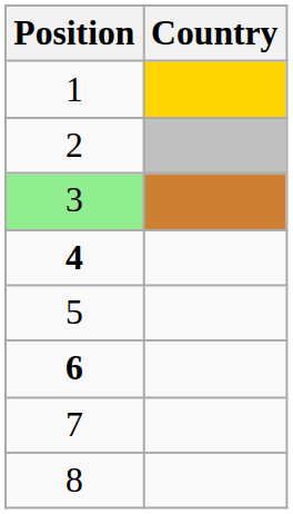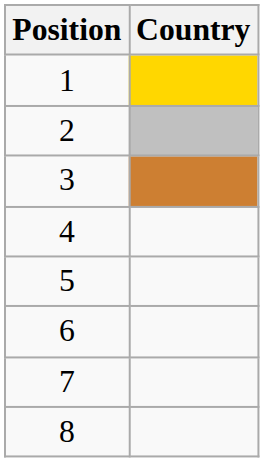 <table class="wikitable" style="text-align:right;">
 <tr>
 <th>Position</th>
 <th>Country</th>
 </tr>
 <tr>
 <td align="center">1</td>
 <td style="background:#ffd700;" align="left"></td>
 </tr>
 <tr>
 <td align="center">2</td>
 <td style="background:#c0c0c0;" align="left"></td>
 </tr>
 <tr>
-<td align="center" style="background: lightgreen;">3</td>
+<td align="center">3</td>
 <td style="background:#cd7f32;" align="left"></td>
 </tr>
 <tr>
-<td align="center"><strong>4</strong></td>
+<td align="center">4</td>
 <td align="left"></td>
 </tr>
 <tr>
 <td align="center">5</td>
 <td align="left"></td>
 </tr>
 <tr>
-<td align="center"><strong>6</strong></td>
+<td align="center">6</td>
 <td align="left"></td>
 </tr>
 <tr>
 <td align="center">7</td>
 <td align="left"></td>
 </tr>
 <tr>
 <td align="center">8</td>
 <td align="left"></td>
 </tr>
 </table>
